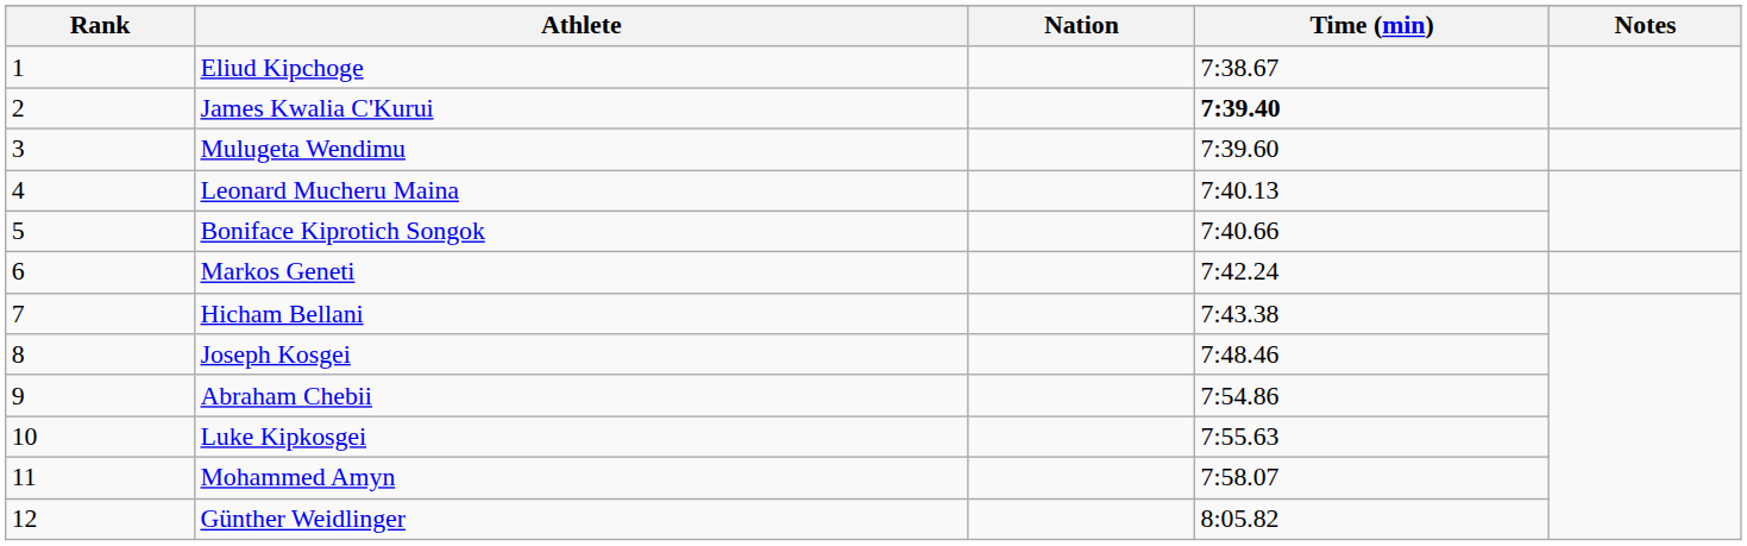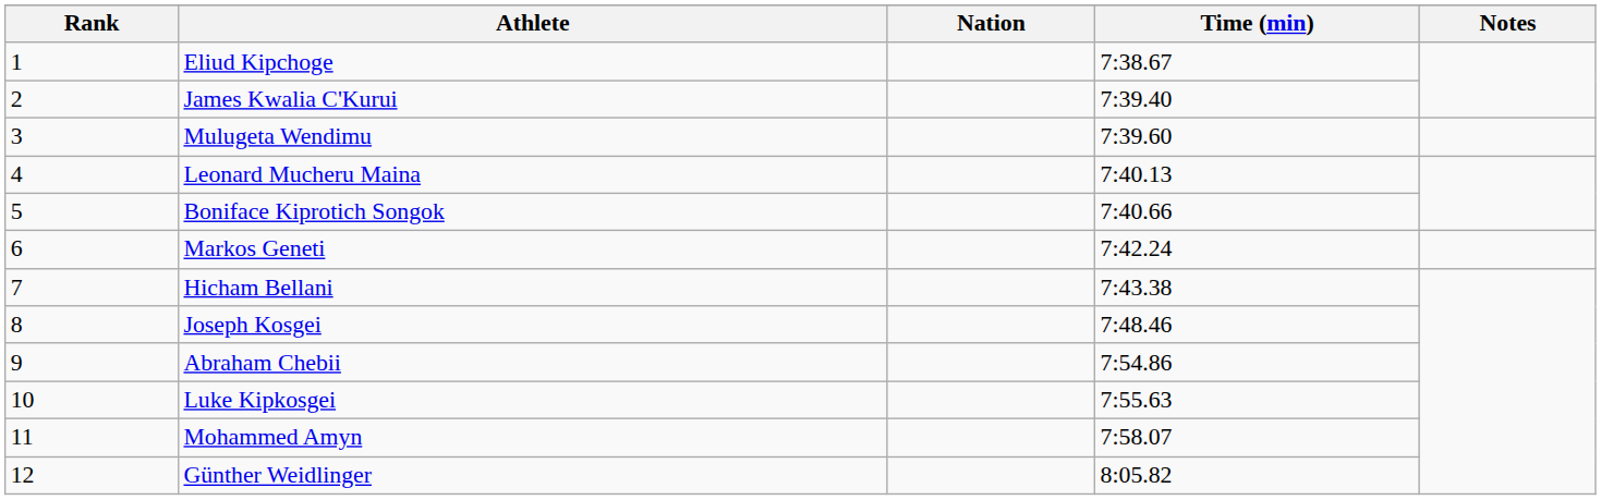 <table class="wikitable" width=85%>
 <tr>
 </tr>
 <tr>
 <th>Rank</th>
 <th>Athlete</th>
 <th>Nation</th>
 <th>Time (<a href='#'>min</a>)</th>
 <th>Notes</th>
 </tr>
 <tr>
 <td>1</td>
 <td><a href='#'>Eliud Kipchoge</a></td>
 <td></td>
 <td>7:38.67</td>
 </tr>
 <tr>
 <td>2</td>
 <td><a href='#'>James Kwalia C'Kurui</a></td>
 <td></td>
-<td><strong>7:39.40</strong></td>
+<td>7:39.40</td>
 </tr>
 <tr>
 <td>3</td>
 <td><a href='#'>Mulugeta Wendimu</a></td>
 <td></td>
 <td>7:39.60</td>
 <td></td>
 </tr>
 <tr>
 <td>4</td>
 <td><a href='#'>Leonard Mucheru Maina</a></td>
 <td></td>
 <td>7:40.13</td>
 </tr>
 <tr>
 <td>5</td>
 <td><a href='#'>Boniface Kiprotich Songok</a></td>
 <td></td>
 <td>7:40.66</td>
 </tr>
 <tr>
 <td>6</td>
 <td><a href='#'>Markos Geneti</a></td>
 <td></td>
 <td>7:42.24</td>
 <td></td>
 </tr>
 <tr>
 <td>7</td>
 <td><a href='#'>Hicham Bellani</a></td>
 <td></td>
 <td>7:43.38</td>
 </tr>
 <tr>
 <td>8</td>
 <td><a href='#'>Joseph Kosgei</a></td>
 <td></td>
 <td>7:48.46</td>
 </tr>
 <tr>
 <td>9</td>
 <td><a href='#'>Abraham Chebii</a></td>
 <td></td>
 <td>7:54.86</td>
 </tr>
 <tr>
 <td>10</td>
 <td><a href='#'>Luke Kipkosgei</a></td>
 <td></td>
 <td>7:55.63</td>
 </tr>
 <tr>
 <td>11</td>
 <td><a href='#'>Mohammed Amyn</a></td>
 <td></td>
 <td>7:58.07</td>
 </tr>
 <tr>
 <td>12</td>
 <td><a href='#'>Günther Weidlinger</a></td>
 <td></td>
 <td>8:05.82</td>
 </tr>
 </table>
